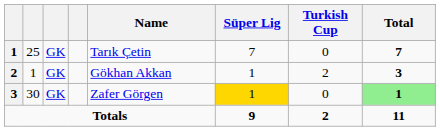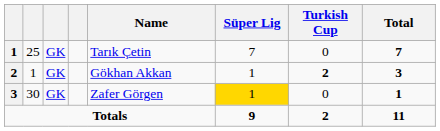 <table class="wikitable" style="text-align:center">
 <tr>
 <th width=15></th>
 <th width=15></th>
 <th width=15></th>
 <th width=15></th>
 <th width=145>Name</th>
 <th width=80><a href='#'>Süper Lig</a></th>
 <th width=80><a href='#'>Turkish Cup</a></th>
 <th width=80>Total</th>
 </tr>
 <tr>
 <th rowspan=1>1</th>
 <td>25</td>
 <td><a href='#'>GK</a></td>
 <td></td>
 <td align=left><a href='#'>Tarık Çetin</a></td>
 <td>7</td>
 <td>0</td>
 <td><strong>7</strong></td>
 </tr>
 <tr>
 <th rowspan=1>2</th>
 <td>1</td>
 <td><a href='#'>GK</a></td>
 <td></td>
 <td align=left><a href='#'>Gökhan Akkan</a></td>
 <td>1</td>
-<td>2</td>
+<td><strong>2</strong></td>
 <td><strong>3</strong></td>
 </tr>
 <tr>
 <th rowspan=1>3</th>
 <td>30</td>
 <td><a href='#'>GK</a></td>
 <td></td>
 <td align=left><a href='#'>Zafer Görgen</a></td>
 <td style="background: gold;">1</td>
 <td>0</td>
-<td style="background: lightgreen;"><strong>1</strong></td>
+<td><strong>1</strong></td>
 </tr>
 <tr>
 <td colspan=5><strong>Totals</strong></td>
 <td><strong>9</strong></td>
 <td><strong>2</strong></td>
 <td><strong>11</strong></td>
 </tr>
 </table>
